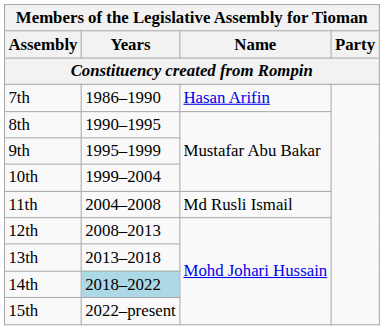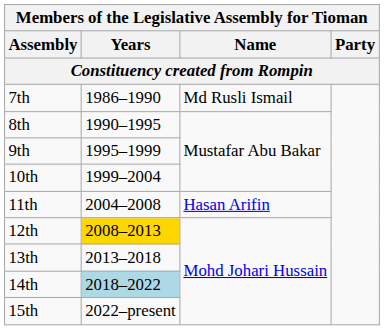 <table class="wikitable">
 <tr>
 <th colspan="4">Members of the Legislative Assembly for Tioman</th>
 </tr>
 <tr>
 <th>Assembly</th>
 <th>Years</th>
 <th>Name</th>
 <th>Party</th>
 </tr>
 <tr>
 <th colspan="4"><em>Constituency created from Rompin</em></th>
 </tr>
 <tr>
 <td>7th</td>
 <td>1986–1990</td>
-<td><a href='#'>Hasan Arifin</a></td>
+<td>Md Rusli Ismail</td>
 <td rowspan="9"></td>
 </tr>
 <tr>
 <td>8th</td>
 <td>1990–1995</td>
 <td rowspan="3">Mustafar Abu Bakar</td>
 </tr>
 <tr>
 <td>9th</td>
 <td>1995–1999</td>
 </tr>
 <tr>
 <td>10th</td>
 <td>1999–2004</td>
 </tr>
 <tr>
 <td>11th</td>
 <td>2004–2008</td>
-<td>Md Rusli Ismail</td>
+<td><a href='#'>Hasan Arifin</a></td>
 </tr>
 <tr>
 <td>12th</td>
-<td>2008–2013</td>
+<td style="background: gold;">2008–2013</td>
 <td rowspan="4"><a href='#'>Mohd Johari Hussain</a></td>
 </tr>
 <tr>
 <td>13th</td>
 <td>2013–2018</td>
 </tr>
 <tr>
 <td>14th</td>
 <td style="background: lightblue;">2018–2022</td>
 </tr>
 <tr>
 <td>15th</td>
 <td>2022–present</td>
 </tr>
 </table>
